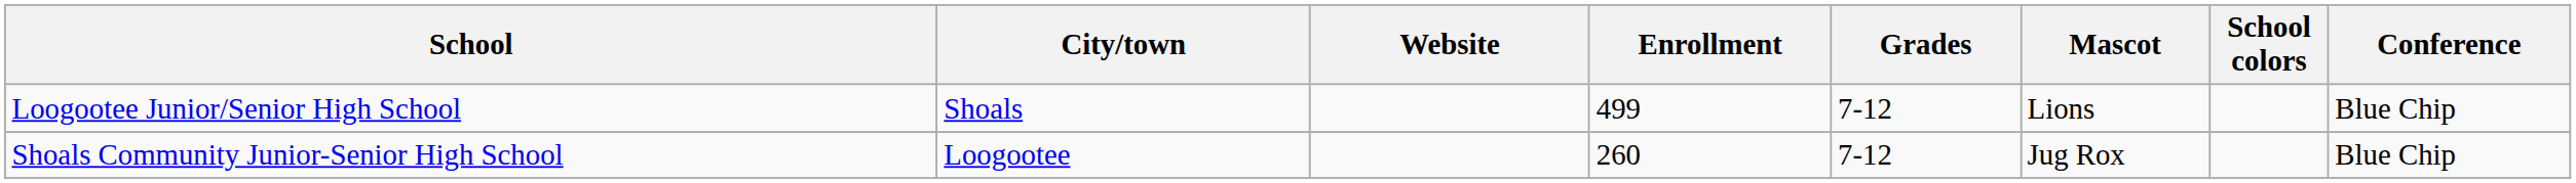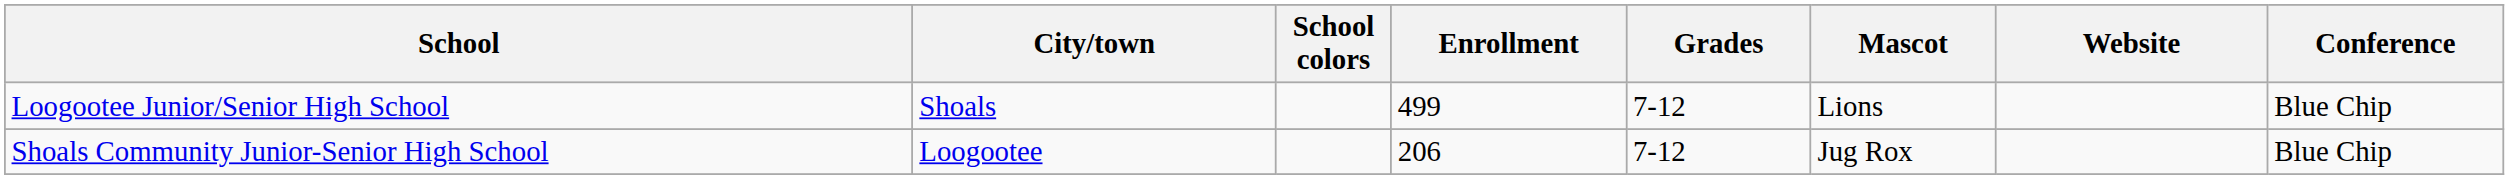 <table class="wikitable sortable" width="70%">
 <tr>
 <th width="20%">School</th>
 <th width="08%">City/town</th>
-<th width="06%">Website</th>
+<th width=01%>School colors</th>
 <th width="04%">Enrollment</th>
 <th width="04%">Grades</th>
 <th width="04%">Mascot</th>
-<th width=01%>School colors</th>
+<th width="06%">Website</th>
 <th width="04%">Conference</th>
 </tr>
 <tr>
 <td><a href='#'>Loogootee Junior/Senior High School</a></td>
 <td><a href='#'>Shoals</a></td>
-<td></td>
+<td>  </td>
 <td>499</td>
 <td>7-12</td>
 <td>Lions</td>
-<td>  </td>
+<td></td>
 <td>Blue Chip</td>
 </tr>
 <tr>
 <td><a href='#'>Shoals Community Junior-Senior High School</a></td>
 <td><a href='#'>Loogootee</a></td>
-<td></td>
-<td>260</td>
+<td> </td>
+<td>206</td>
 <td>7-12</td>
 <td>Jug Rox</td>
-<td> </td>
+<td></td>
 <td>Blue Chip</td>
 </tr>
 </table>
